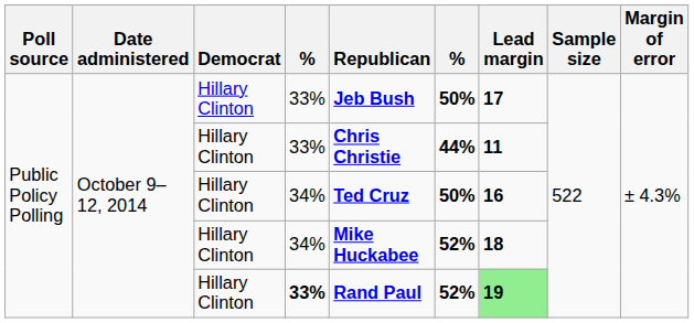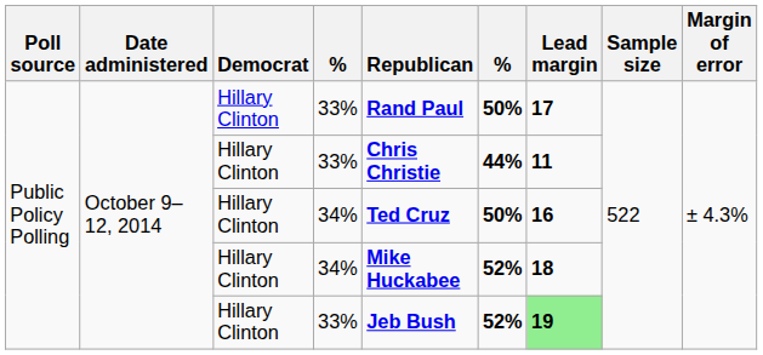 <table class="wikitable">
 <tr valign=bottom>
 <th>Poll source</th>
 <th>Date administered</th>
 <th>Democrat</th>
 <th>%</th>
 <th>Republican</th>
 <th>%</th>
 <th>Lead margin</th>
 <th>Sample size</th>
 <th>Margin of error</th>
 </tr>
 <tr>
 <td rowspan=5>Public Policy Polling</td>
 <td rowspan=5>October 9–12, 2014</td>
 <td><a href='#'>Hillary Clinton</a></td>
 <td>33%</td>
-<td><strong><a href='#'>Jeb Bush</a></strong></td>
+<td><strong><a href='#'>Rand Paul</a></strong></td>
 <td><strong>50%</strong></td>
 <td><strong>17</strong></td>
 <td rowspan=5>522</td>
 <td rowspan=5>± 4.3%</td>
 </tr>
 <tr>
 <td>Hillary Clinton</td>
 <td>33%</td>
 <td><strong><a href='#'>Chris Christie</a></strong></td>
 <td><strong>44%</strong></td>
 <td><strong>11</strong></td>
 </tr>
 <tr>
 <td>Hillary Clinton</td>
 <td>34%</td>
 <td><strong><a href='#'>Ted Cruz</a></strong></td>
 <td><strong>50%</strong></td>
 <td><strong>16</strong></td>
 </tr>
 <tr>
 <td>Hillary Clinton</td>
 <td>34%</td>
 <td><strong><a href='#'>Mike Huckabee</a></strong></td>
 <td><strong>52%</strong></td>
 <td><strong>18</strong></td>
 </tr>
 <tr>
 <td>Hillary Clinton</td>
-<td align=center><strong>33%</strong></td>
-<td><strong><a href='#'>Rand Paul</a></strong></td>
+<td align=center>33%</td>
+<td><strong><a href='#'>Jeb Bush</a></strong></td>
 <td><strong>52%</strong></td>
 <td style="background: lightgreen;"><strong>19</strong></td>
 </tr>
 </table>
